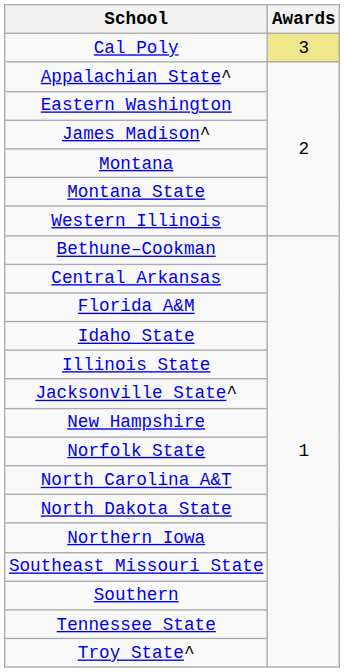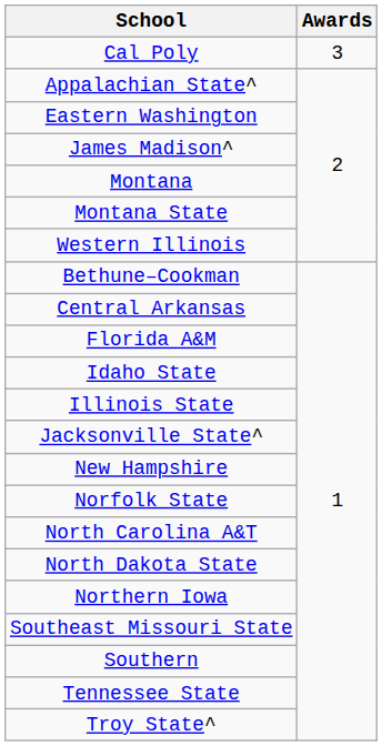 <table class="wikitable sortable" style="text-align:center;" width="auto">
 <tr>
 <th>School</th>
 <th>Awards</th>
 </tr>
 <tr>
 <td><a href='#'>Cal Poly</a></td>
-<td rowspan="1" style="background: khaki;">3</td>
+<td rowspan="1">3</td>
 </tr>
 <tr>
 <td><a href='#'>Appalachian State</a>^</td>
 <td rowspan="6">2</td>
 </tr>
 <tr>
 <td><a href='#'>Eastern Washington</a></td>
 </tr>
 <tr>
 <td><a href='#'>James Madison</a>^</td>
 </tr>
 <tr>
 <td><a href='#'>Montana</a></td>
 </tr>
 <tr>
 <td><a href='#'>Montana State</a></td>
 </tr>
 <tr>
 <td><a href='#'>Western Illinois</a></td>
 </tr>
 <tr>
 <td><a href='#'>Bethune–Cookman</a></td>
 <td rowspan=15>1</td>
 </tr>
 <tr>
 <td><a href='#'>Central Arkansas</a></td>
 </tr>
 <tr>
 <td><a href='#'>Florida A&M</a></td>
 </tr>
 <tr>
 <td><a href='#'>Idaho State</a></td>
 </tr>
 <tr>
 <td><a href='#'>Illinois State</a></td>
 </tr>
 <tr>
 <td><a href='#'>Jacksonville State</a>^</td>
 </tr>
 <tr>
 <td><a href='#'>New Hampshire</a></td>
 </tr>
 <tr>
 <td><a href='#'>Norfolk State</a></td>
 </tr>
 <tr>
 <td><a href='#'>North Carolina A&T</a></td>
 </tr>
 <tr>
 <td><a href='#'>North Dakota State</a></td>
 </tr>
 <tr>
 <td><a href='#'>Northern Iowa</a></td>
 </tr>
 <tr>
 <td><a href='#'>Southeast Missouri State</a></td>
 </tr>
 <tr>
 <td><a href='#'>Southern</a></td>
 </tr>
 <tr>
 <td><a href='#'>Tennessee State</a></td>
 </tr>
 <tr>
 <td><a href='#'>Troy State</a>^</td>
 </tr>
 </table>
